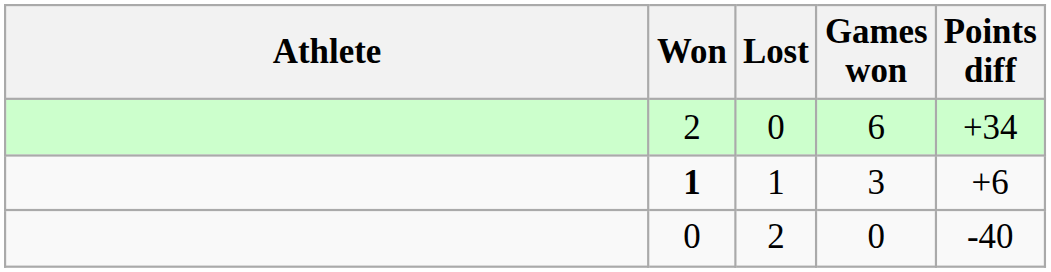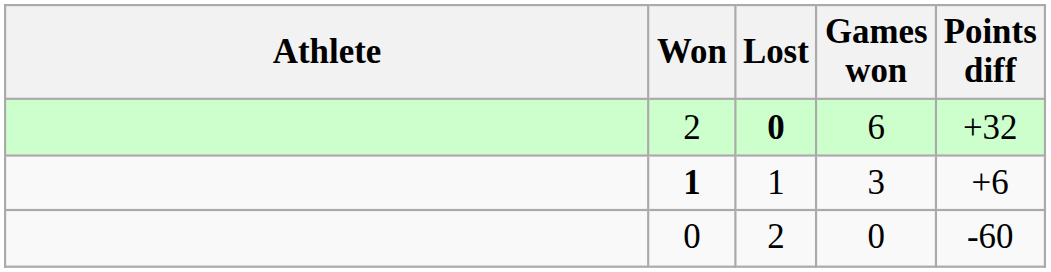 <table class="wikitable">
 <tr>
 <th style="width:18em">Athlete</th>
 <th>Won</th>
 <th>Lost</th>
 <th>Games<br>won</th>
 <th>Points<br>diff</th>
 </tr>
 <tr bgcolor="#ccffcc">
 <td></td>
 <td align="center">2</td>
-<td align="center">0</td>
+<td align="center"><strong>0</strong></td>
 <td align="center">6</td>
-<td align="center">+34</td>
+<td align="center">+32</td>
 </tr>
 <tr>
 <td></td>
 <td align="center"><strong>1</strong></td>
 <td align="center">1</td>
 <td align="center">3</td>
 <td align="center">+6</td>
 </tr>
 <tr>
 <td></td>
 <td align="center">0</td>
 <td align="center">2</td>
 <td align="center">0</td>
-<td align="center">-40</td>
+<td align="center">-60</td>
 </tr>
 </table>
